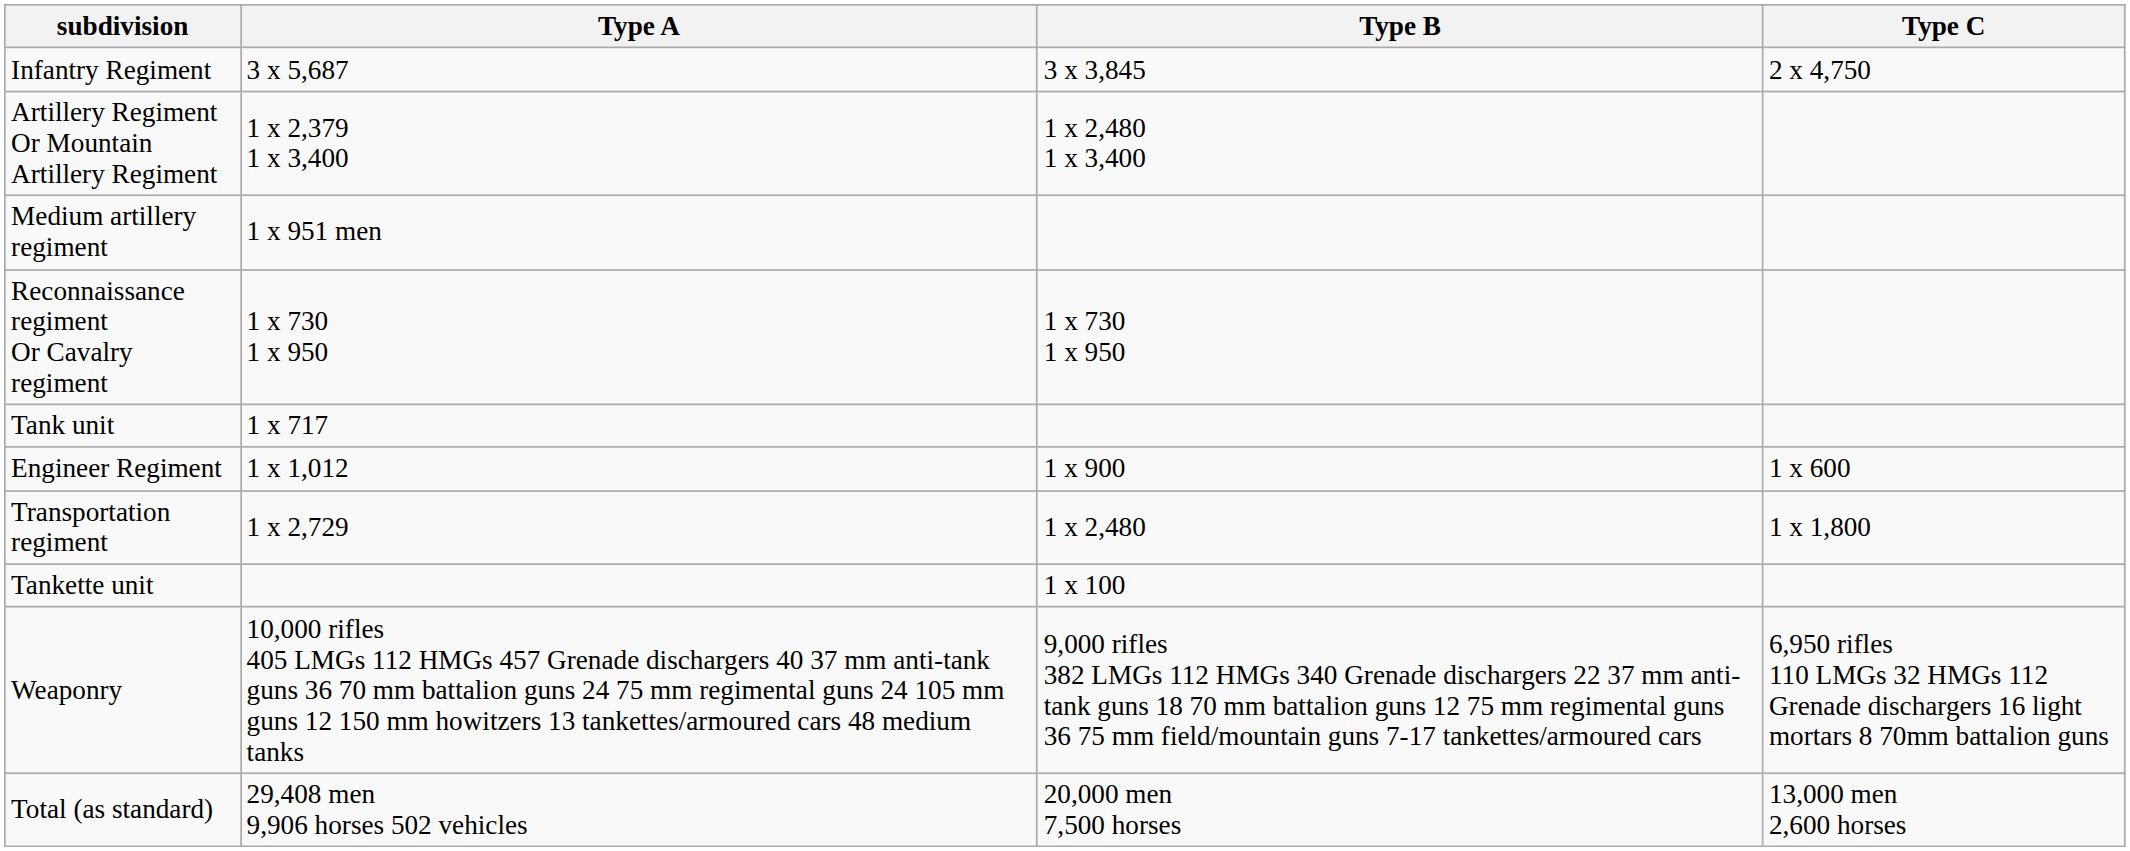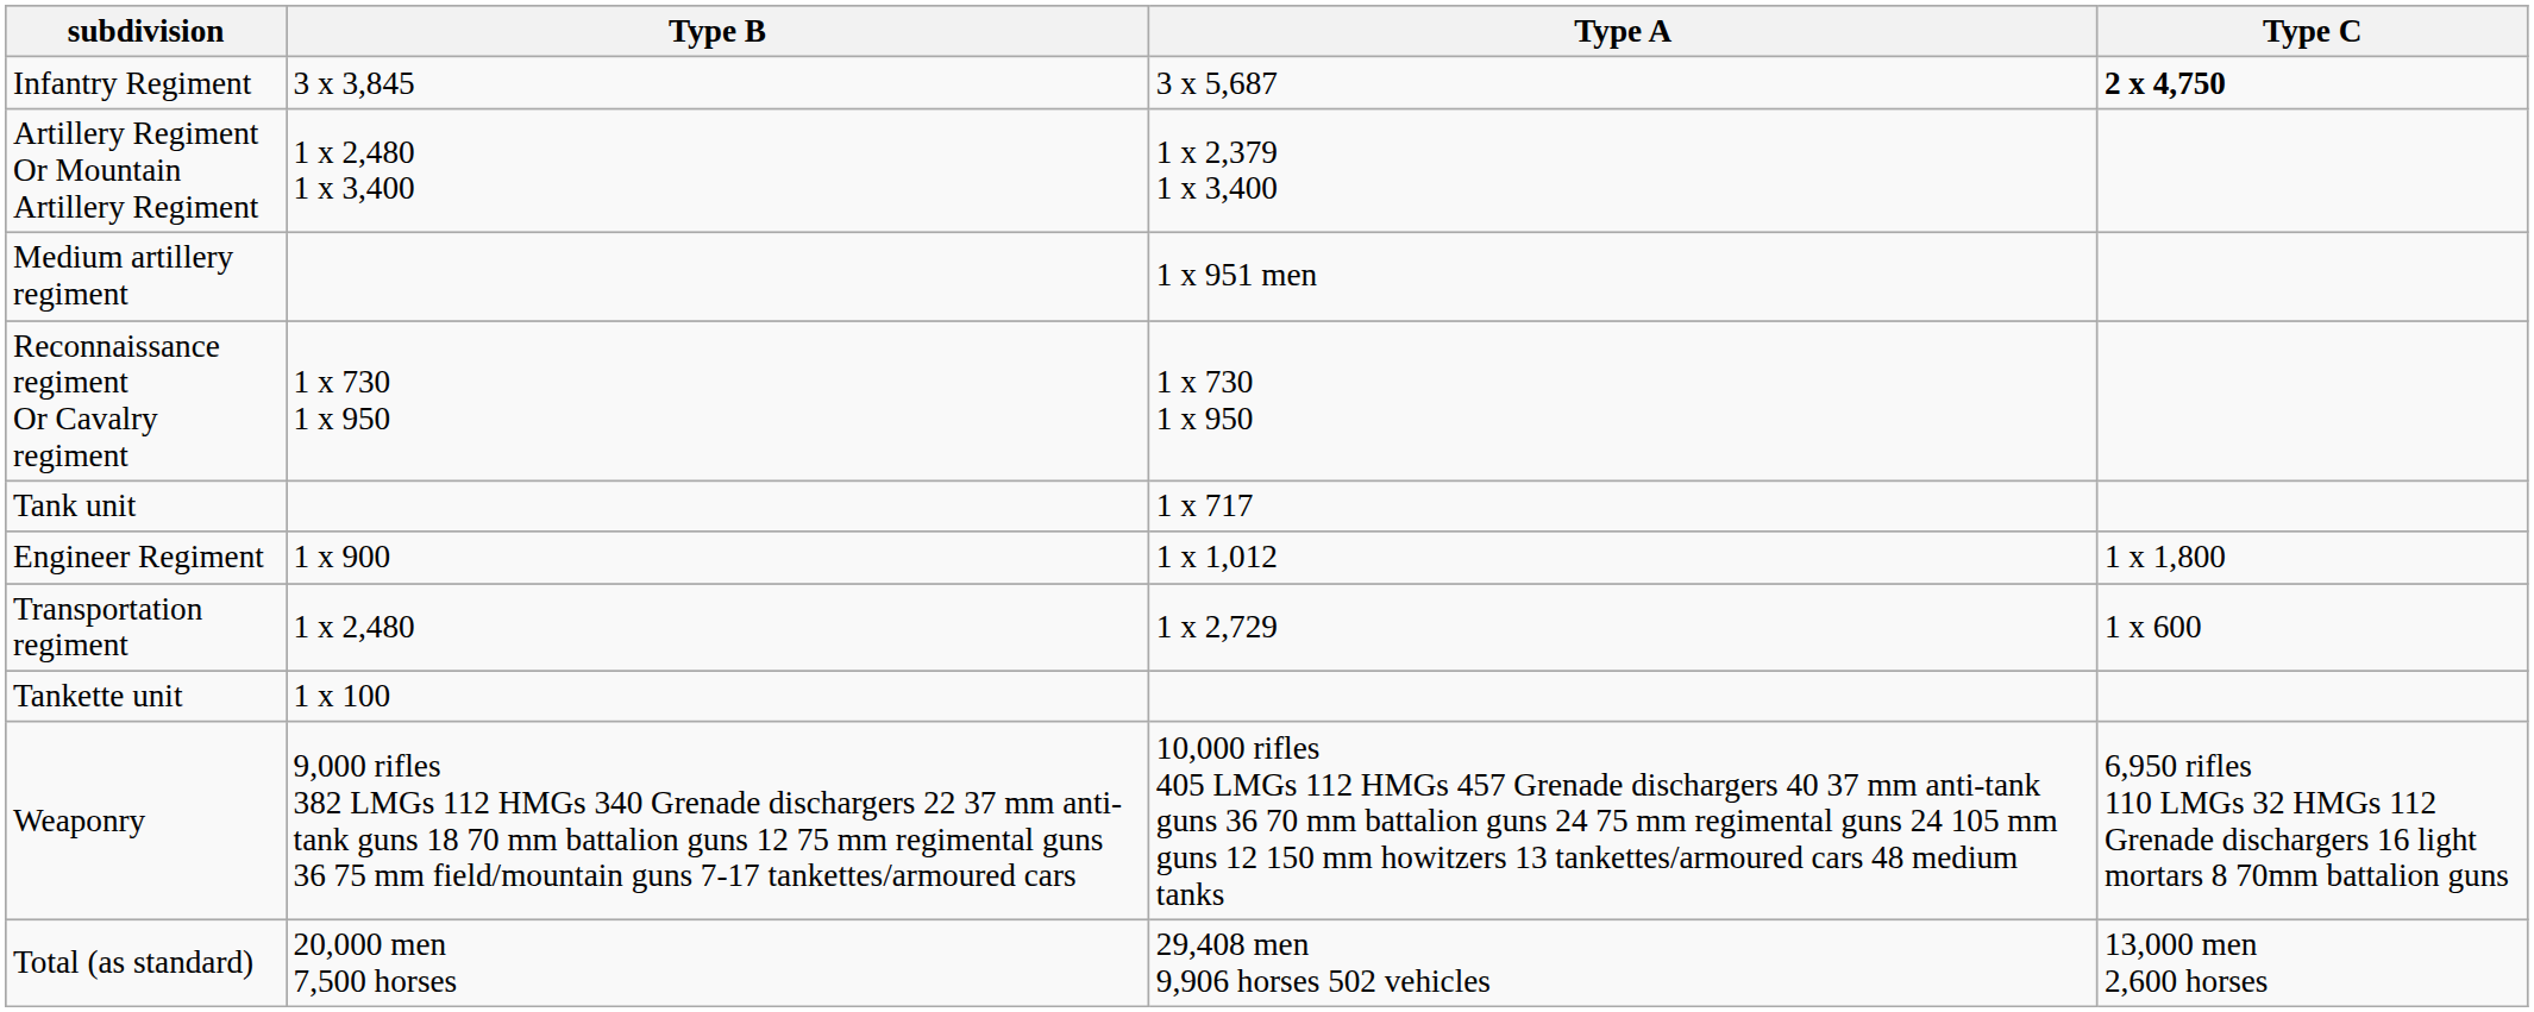 <table class="wikitable">
 <tr>
 <th>subdivision</th>
+<th>Type B</th>
 <th>Type A</th>
-<th>Type B</th>
 <th>Type C</th>
 </tr>
 <tr>
 <td>Infantry Regiment</td>
+<td>3 x 3,845</td>
 <td>3 x 5,687</td>
-<td>3 x 3,845</td>
-<td>2 x 4,750</td>
+<td><strong>2 x 4,750</strong></td>
 </tr>
 <tr>
 <td>Artillery Regiment<br>Or Mountain Artillery  Regiment</td>
+<td>1 x 2,480<br>1 x 3,400</td>
 <td>1 x 2,379<br>1 x 3,400</td>
-<td>1 x 2,480<br>1 x 3,400</td>
 <td></td>
 </tr>
 <tr>
 <td>Medium artillery regiment</td>
+<td></td>
 <td>1 x 951 men</td>
-<td></td>
 <td></td>
 </tr>
 <tr>
 <td>Reconnaissance regiment<br>Or Cavalry regiment</td>
 <td>1 x 730<br>1 x 950</td>
 <td>1 x 730<br>1 x 950</td>
 <td></td>
 </tr>
 <tr>
 <td>Tank unit</td>
+<td></td>
 <td>1 x 717</td>
+<td></td>
+</tr>
+<tr>
+<td>Engineer Regiment</td>
+<td>1 x 900</td>
+<td>1 x 1,012</td>
+<td>1 x 1,800</td>
+</tr>
+<tr>
+<td>Transportation regiment</td>
+<td>1 x 2,480</td>
+<td>1 x 2,729</td>
+<td>1 x 600</td>
+</tr>
+<tr>
+<td>Tankette unit</td>
+<td>1 x 100</td>
 <td></td>
 <td></td>
 </tr>
 <tr>
-<td>Engineer Regiment</td>
-<td>1 x 1,012</td>
-<td>1 x 900</td>
-<td>1 x 600</td>
-</tr>
-<tr>
-<td>Transportation regiment</td>
-<td>1 x 2,729</td>
-<td>1 x 2,480</td>
-<td>1 x 1,800</td>
-</tr>
-<tr>
-<td>Tankette unit</td>
-<td></td>
-<td>1 x 100</td>
-<td></td>
-</tr>
-<tr>
 <td>Weaponry</td>
+<td>9,000 rifles<br>382 LMGs 112 HMGs 340 Grenade dischargers 22 37 mm anti-tank guns 18 70 mm battalion guns 12 75 mm regimental guns 36 75 mm field/mountain guns 7-17 tankettes/armoured cars</td>
 <td>10,000 rifles<br>405 LMGs 112 HMGs 457 Grenade dischargers 40 37 mm anti-tank guns 36 70 mm battalion guns 24 75 mm regimental guns 24 105 mm guns 12 150 mm howitzers 13 tankettes/armoured cars 48 medium tanks</td>
-<td>9,000 rifles<br>382 LMGs 112 HMGs 340 Grenade dischargers 22 37 mm anti-tank guns 18 70 mm battalion guns 12 75 mm regimental guns 36 75 mm field/mountain guns 7-17 tankettes/armoured cars</td>
 <td>6,950 rifles<br>110 LMGs 32 HMGs 112 Grenade dischargers 16 light mortars 8 70mm battalion guns</td>
 </tr>
 <tr>
 <td>Total (as standard)</td>
+<td>20,000 men<br>7,500 horses</td>
 <td>29,408 men<br>9,906 horses 502 vehicles</td>
-<td>20,000 men<br>7,500 horses</td>
 <td>13,000 men<br>2,600 horses</td>
 </tr>
 </table>
